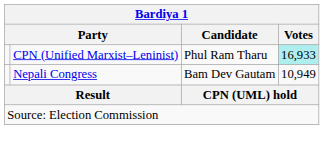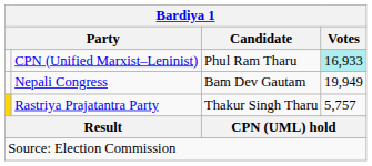 <table class="wikitable">
 <tr>
 <th colspan="4"><a href='#'>Bardiya 1</a></th>
 </tr>
 <tr>
 <th colspan="2">Party</th>
 <th>Candidate</th>
 <th>Votes</th>
 </tr>
 <tr>
 <td style="background-color:"></td>
 <td><a href='#'>CPN (Unified Marxist–Leninist)</a></td>
 <td>Phul Ram Tharu</td>
 <td style="background: paleturquoise;">16,933</td>
 </tr>
 <tr>
 <td style="background-color:"></td>
 <td><a href='#'>Nepali Congress</a></td>
 <td>Bam Dev Gautam</td>
-<td>10,949</td>
+<td>19,949</td>
+</tr>
+<tr>
+<td style="background-color:gold"></td>
+<td><a href='#'>Rastriya Prajatantra Party</a></td>
+<td>Thakur Singh Tharu</td>
+<td>5,757</td>
 </tr>
 <tr>
 <th colspan="2">Result</th>
 <th colspan="2">CPN (UML) hold</th>
 </tr>
 <tr>
 <td colspan="4">Source: Election Commission</td>
 </tr>
 </table>
